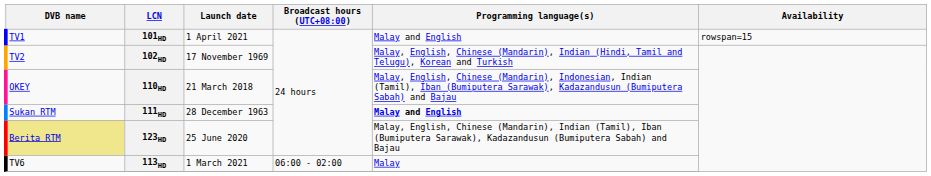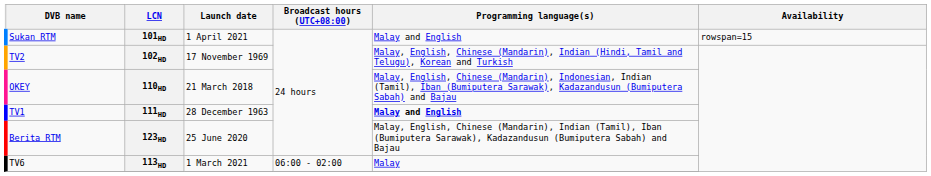 <table class="wikitable" style="font-size:90%; width:100%;">
 <tr>
 <th width="12%">DVB name</th>
 <th width="6%"><a href='#'>LCN</a></th>
 <th width="9%">Launch date</th>
 <th width="10%">Broadcast hours (<a href='#'>UTC+08:00</a>)</th>
 <th width="33%">Programming language(s)</th>
 <th width="23%">Availability</th>
 </tr>
 <tr>
-<td style="border-left: 5px solid blue;"><a href='#'>TV1</a></td>
+<td style="border-left: 5px solid #007FFF;"><a href='#'>Sukan RTM</a></td>
 <th>101<sub>HD</sub></th>
 <td>1 April 2021</td>
 <td rowspan="5">24 hours</td>
 <td><a href='#'>Malay</a> and <a href='#'>English</a></td>
 <td>rowspan=15 </td>
 </tr>
 <tr>
 <td style="border-left: 5px solid orange;"><a href='#'>TV2</a></td>
 <th>102<sub>HD</sub></th>
 <td>17 November 1969</td>
 <td><a href='#'>Malay</a>, <a href='#'>English</a>, <a href='#'>Chinese (Mandarin)</a>, <a href='#'>Indian (Hindi, Tamil and Telugu)</a>, <a href='#'>Korean</a> and <a href='#'>Turkish</a></td>
 </tr>
 <tr>
 <td style="border-left: 5px solid deeppink;"><a href='#'>OKEY</a></td>
 <th>110<sub>HD</sub></th>
 <td>21 March 2018</td>
 <td><a href='#'>Malay</a>, <a href='#'>English</a>, <a href='#'>Chinese (Mandarin)</a>, <a href='#'>Indonesian</a>, Indian (Tamil), <a href='#'>Iban (Bumiputera Sarawak)</a>, <a href='#'>Kadazandusun (Bumiputera Sabah)</a> and <a href='#'>Bajau</a></td>
 </tr>
 <tr>
-<td style="border-left: 5px solid #007FFF;"><a href='#'>Sukan RTM</a></td>
+<td style="border-left: 5px solid blue;"><a href='#'>TV1</a></td>
 <th>111<sub>HD</sub></th>
 <td>28 December 1963</td>
 <td><strong><a href='#'>Malay</a> and <a href='#'>English</a></strong></td>
 </tr>
 <tr>
-<td style="background: khaki; border-left: 5px solid red"><a href='#'>Berita RTM</a></td>
+<td style="border-left: 5px solid red"><a href='#'>Berita RTM</a></td>
 <th>123<sub>HD</sub></th>
 <td>25 June 2020</td>
 <td>Malay, English, Chinese (Mandarin), Indian (Tamil), Iban (Bumiputera Sarawak), Kadazandusun (Bumiputera Sabah) and Bajau</td>
 </tr>
 <tr>
 <td style="border-left: 5px solid #000000;">TV6</td>
 <th>113<sub>HD</sub></th>
 <td>1 March 2021</td>
 <td>06:00 - 02:00</td>
 <td><a href='#'>Malay</a></td>
 </tr>
 <tr>
 </tr>
 </table>
